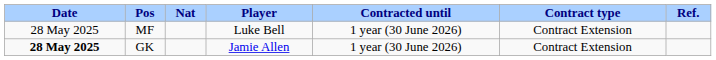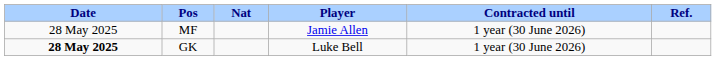 <table class="wikitable sortable alternance" style="font-size:100%; text-align:center; line-height:14px; width:100%;">
 <tr>
 <th style="background:#AAD0FF; color:#000080; ">Date</th>
 <th style="background:#AAD0FF; color:#000080; ">Pos</th>
 <th style="background:#AAD0FF; color:#000080; ">Nat</th>
 <th style="background:#AAD0FF; color:#000080; ">Player</th>
 <th style="background:#AAD0FF; color:#000080; ">Contracted until</th>
-<th style="background:#AAD0FF; color:#000080; ">Contract type</th>
 <th style="background:#AAD0FF; color:#000080; ">Ref.</th>
 </tr>
 <tr>
 <td>28 May 2025</td>
 <td>MF</td>
 <td></td>
-<td>Luke Bell</td>
+<td><a href='#'> Jamie Allen</a></td>
 <td>1 year (30 June 2026)</td>
-<td>Contract Extension</td>
 <td></td>
 </tr>
 <tr>
 <td><strong>28 May 2025</strong></td>
 <td>GK</td>
 <td></td>
-<td><a href='#'> Jamie Allen</a></td>
+<td>Luke Bell</td>
 <td>1 year (30 June 2026)</td>
-<td>Contract Extension</td>
 <td></td>
 </tr>
 </table>
